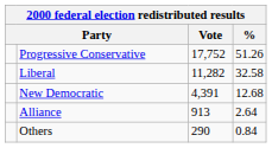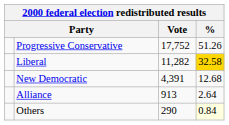 <table class="wikitable">
 <tr>
 <th colspan="4"><a href='#'>2000 federal election</a> redistributed results</th>
 </tr>
 <tr>
 <th bgcolor="#DDDDFF" width="230px" colspan="2">Party</th>
 <th bgcolor="#DDDDFF" width="50px">Vote</th>
 <th bgcolor="#DDDDFF" width="30px">%</th>
 </tr>
 <tr>
 <td> </td>
 <td><a href='#'>Progressive Conservative</a></td>
 <td>17,752</td>
 <td>51.26</td>
 </tr>
 <tr>
 <td> </td>
 <td><a href='#'>Liberal</a></td>
 <td>11,282</td>
-<td>32.58</td>
+<td style="background: gold;">32.58</td>
 </tr>
 <tr>
 <td> </td>
 <td><a href='#'>New Democratic</a></td>
 <td>4,391</td>
 <td>12.68</td>
 </tr>
 <tr>
 <td> </td>
 <td><a href='#'>Alliance</a></td>
 <td>913</td>
 <td>2.64</td>
 </tr>
 <tr>
 <td> </td>
 <td>Others</td>
 <td>290</td>
-<td>0.84</td>
+<td style="background: lightyellow;">0.84</td>
 </tr>
 </table>
